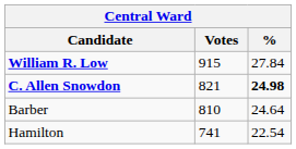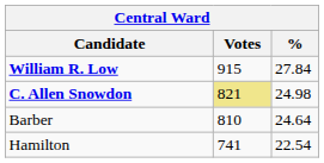 <table class="wikitable">
 <tr>
 <th colspan="3"><a href='#'>Central Ward</a></th>
 </tr>
 <tr>
 <th style="width: 200px">Candidate</th>
 <th style="width: 50px">Votes</th>
 <th style="width: 40px">%</th>
 </tr>
 <tr>
 <td><strong><a href='#'>William R. Low</a></strong></td>
 <td>915</td>
 <td>27.84</td>
 </tr>
 <tr>
 <td><strong><a href='#'>C. Allen Snowdon</a></strong></td>
-<td>821</td>
-<td><strong>24.98</strong></td>
+<td style="background: khaki;">821</td>
+<td>24.98</td>
 </tr>
 <tr>
 <td>Barber</td>
 <td>810</td>
 <td>24.64</td>
 </tr>
 <tr>
 <td>Hamilton</td>
 <td>741</td>
 <td>22.54</td>
 </tr>
 </table>
